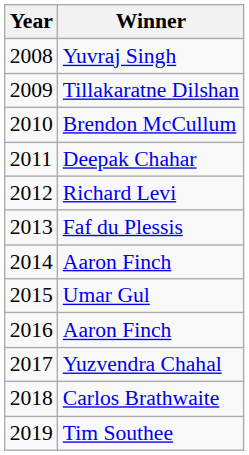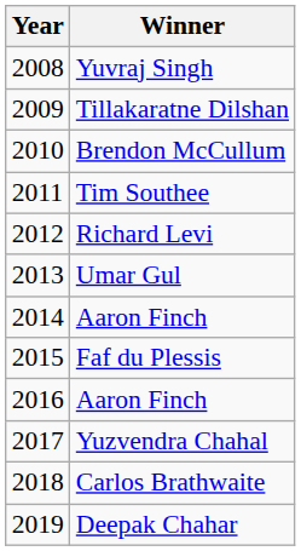 <table class="wikitable">
 <tr>
 <th>Year</th>
 <th>Winner</th>
 </tr>
 <tr>
 <td>2008</td>
 <td> <a href='#'>Yuvraj Singh</a></td>
 </tr>
 <tr>
 <td>2009</td>
 <td> <a href='#'>Tillakaratne Dilshan</a></td>
 </tr>
 <tr>
 <td>2010</td>
 <td> <a href='#'>Brendon McCullum</a></td>
 </tr>
 <tr>
 <td>2011</td>
-<td> <a href='#'>Deepak Chahar</a></td>
+<td> <a href='#'>Tim Southee</a></td>
 </tr>
 <tr>
 <td>2012</td>
 <td> <a href='#'>Richard Levi</a></td>
 </tr>
 <tr>
 <td>2013</td>
-<td> <a href='#'>Faf du Plessis</a></td>
+<td> <a href='#'>Umar Gul</a></td>
 </tr>
 <tr>
 <td>2014</td>
 <td> <a href='#'>Aaron Finch</a></td>
 </tr>
 <tr>
 <td>2015</td>
-<td> <a href='#'>Umar Gul</a></td>
+<td> <a href='#'>Faf du Plessis</a></td>
 </tr>
 <tr>
 <td>2016</td>
 <td> <a href='#'>Aaron Finch</a></td>
 </tr>
 <tr>
 <td>2017</td>
 <td> <a href='#'>Yuzvendra Chahal</a></td>
 </tr>
 <tr>
 <td>2018</td>
 <td> <a href='#'>Carlos Brathwaite</a></td>
 </tr>
 <tr>
 <td>2019</td>
-<td> <a href='#'>Tim Southee</a></td>
+<td> <a href='#'>Deepak Chahar</a></td>
 </tr>
 </table>
